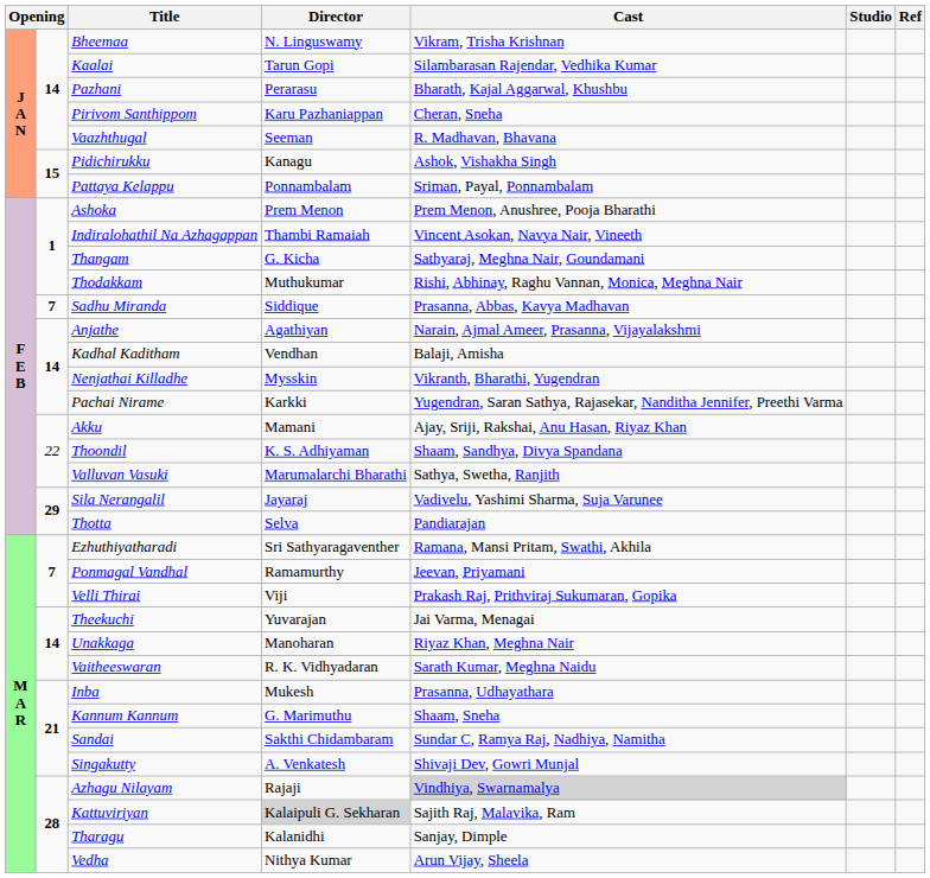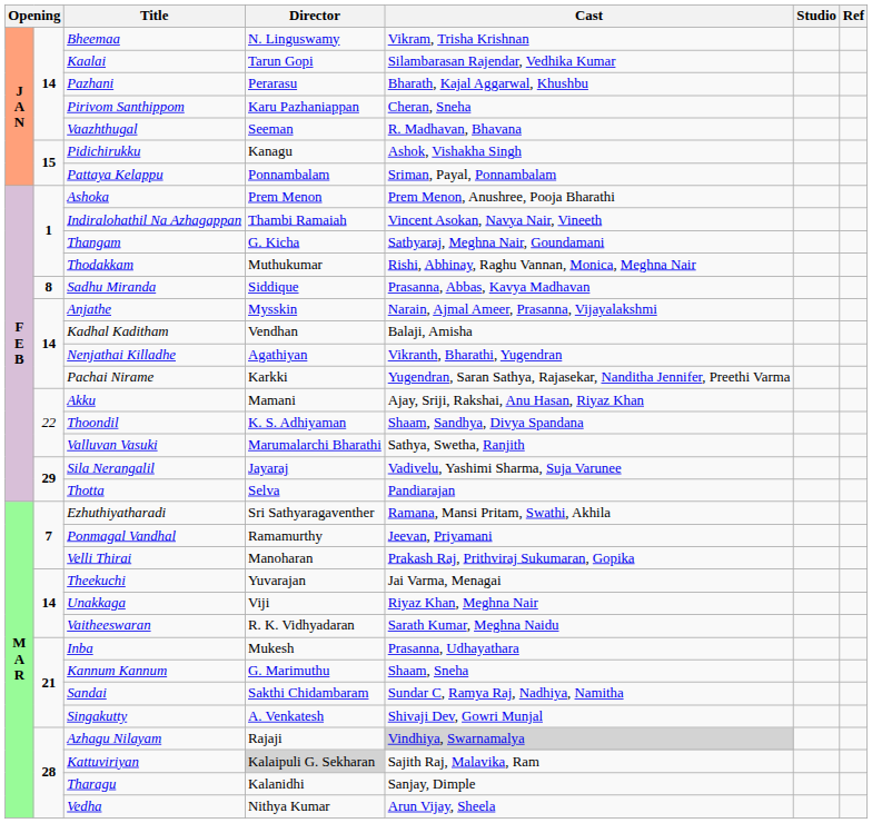 <table class="wikitable">
 <tr>
 <th colspan="2">Opening</th>
 <th>Title</th>
 <th>Director</th>
 <th>Cast</th>
 <th>Studio</th>
 <th>Ref</th>
 </tr>
 <tr January!>
 <td rowspan="7" valign="center" align="center" style="background:#FFA07A; textcolor:#000;"><strong>J<br>A<br>N</strong></td>
 <td rowspan="5" align="center"><strong>14</strong></td>
 <td><em><a href='#'>Bheemaa</a></em></td>
 <td><a href='#'>N. Linguswamy</a></td>
 <td><a href='#'>Vikram</a>, <a href='#'>Trisha Krishnan</a></td>
 <td></td>
 <td></td>
 </tr>
 <tr>
 <td><em><a href='#'>Kaalai</a></em></td>
 <td><a href='#'>Tarun Gopi</a></td>
 <td><a href='#'>Silambarasan Rajendar</a>, <a href='#'>Vedhika Kumar</a></td>
 <td></td>
 <td></td>
 </tr>
 <tr>
 <td><em><a href='#'>Pazhani</a></em></td>
 <td><a href='#'>Perarasu</a></td>
 <td><a href='#'>Bharath</a>, <a href='#'>Kajal Aggarwal</a>, <a href='#'>Khushbu</a></td>
 <td></td>
 <td></td>
 </tr>
 <tr>
 <td><em><a href='#'>Pirivom Santhippom</a></em></td>
 <td><a href='#'>Karu Pazhaniappan</a></td>
 <td><a href='#'>Cheran</a>, <a href='#'>Sneha</a></td>
 <td></td>
 <td></td>
 </tr>
 <tr>
 <td><em><a href='#'>Vaazhthugal</a></em></td>
 <td><a href='#'>Seeman</a></td>
 <td><a href='#'>R. Madhavan</a>, <a href='#'>Bhavana</a></td>
 <td></td>
 <td></td>
 </tr>
 <tr>
 <td rowspan="2" align="center"><strong>15</strong></td>
 <td><em><a href='#'>Pidichirukku</a></em></td>
 <td>Kanagu</td>
 <td><a href='#'>Ashok</a>, <a href='#'>Vishakha Singh</a></td>
 <td></td>
 <td></td>
 </tr>
 <tr>
 <td><em><a href='#'>Pattaya Kelappu</a></em></td>
 <td><a href='#'>Ponnambalam</a></td>
 <td><a href='#'>Sriman</a>, Payal, <a href='#'>Ponnambalam</a></td>
 <td></td>
 <td></td>
 </tr>
 <tr February!>
 <td rowspan="14" valign="center" align="center" style="background:#D8BFD8; textcolor:#000;"><strong>F<br>E<br>B</strong></td>
 <td rowspan="4" align="center"><strong>1</strong></td>
 <td><em><a href='#'>Ashoka</a></em></td>
 <td><a href='#'>Prem Menon</a></td>
 <td><a href='#'>Prem Menon</a>, Anushree, Pooja Bharathi</td>
 <td></td>
 <td></td>
 </tr>
 <tr>
 <td><em><a href='#'>Indiralohathil Na Azhagappan</a></em></td>
 <td><a href='#'>Thambi Ramaiah</a></td>
 <td><a href='#'>Vincent Asokan</a>, <a href='#'>Navya Nair</a>, <a href='#'>Vineeth</a></td>
 <td></td>
 <td></td>
 </tr>
 <tr>
 <td><em><a href='#'>Thangam</a></em></td>
 <td><a href='#'>G. Kicha</a></td>
 <td><a href='#'>Sathyaraj</a>, <a href='#'>Meghna Nair</a>, <a href='#'>Goundamani</a></td>
 <td></td>
 <td></td>
 </tr>
 <tr>
 <td><em><a href='#'>Thodakkam</a></em></td>
 <td>Muthukumar</td>
 <td><a href='#'>Rishi</a>, <a href='#'>Abhinay</a>, Raghu Vannan, <a href='#'>Monica</a>, <a href='#'>Meghna Nair</a></td>
 <td></td>
 <td></td>
 </tr>
 <tr>
-<td rowspan="1" align="center"><strong>7</strong></td>
+<td rowspan="1" align="center"><strong>8</strong></td>
 <td><em><a href='#'>Sadhu Miranda</a></em></td>
 <td><a href='#'>Siddique</a></td>
 <td><a href='#'>Prasanna</a>, <a href='#'>Abbas</a>, <a href='#'>Kavya Madhavan</a></td>
 <td></td>
 <td></td>
 </tr>
 <tr>
 <td rowspan="4" align="center"><strong>14</strong></td>
 <td><em><a href='#'>Anjathe</a></em></td>
-<td><a href='#'>Agathiyan</a></td>
+<td><a href='#'>Mysskin</a></td>
 <td><a href='#'>Narain</a>, <a href='#'>Ajmal Ameer</a>, <a href='#'>Prasanna</a>, <a href='#'>Vijayalakshmi</a></td>
 <td></td>
 <td></td>
 </tr>
 <tr>
 <td><em>Kadhal Kaditham</em></td>
 <td>Vendhan</td>
 <td>Balaji, Amisha</td>
 <td></td>
 <td></td>
 </tr>
 <tr>
 <td><em><a href='#'>Nenjathai Killadhe</a></em></td>
-<td><a href='#'>Mysskin</a></td>
+<td><a href='#'>Agathiyan</a></td>
 <td><a href='#'>Vikranth</a>, <a href='#'>Bharathi</a>, <a href='#'>Yugendran</a></td>
 <td></td>
 <td></td>
 </tr>
 <tr>
 <td><em>Pachai Nirame</em></td>
 <td>Karkki</td>
 <td><a href='#'>Yugendran</a>, Saran Sathya, Rajasekar, <a href='#'>Nanditha Jennifer</a>, Preethi Varma</td>
 <td></td>
 <td></td>
 </tr>
 <tr>
 <td rowspan="3" align="center"><em>22</em></td>
 <td><em><a href='#'>Akku</a></em></td>
 <td>Mamani</td>
 <td>Ajay, Sriji, Rakshai, <a href='#'>Anu Hasan</a>, <a href='#'>Riyaz Khan</a></td>
 <td></td>
 <td></td>
 </tr>
 <tr>
 <td><em><a href='#'>Thoondil</a></em></td>
 <td><a href='#'>K. S. Adhiyaman</a></td>
 <td><a href='#'>Shaam</a>, <a href='#'>Sandhya</a>, <a href='#'>Divya Spandana</a></td>
 <td></td>
 <td></td>
 </tr>
 <tr>
 <td><em><a href='#'>Valluvan Vasuki</a></em></td>
 <td><a href='#'>Marumalarchi Bharathi</a></td>
 <td>Sathya, Swetha, <a href='#'>Ranjith</a></td>
 <td></td>
 <td></td>
 </tr>
 <tr>
 <td rowspan="2" align="center"><strong>29</strong></td>
 <td><em><a href='#'>Sila Nerangalil</a></em></td>
 <td><a href='#'>Jayaraj</a></td>
 <td><a href='#'>Vadivelu</a>, Yashimi Sharma, <a href='#'>Suja Varunee</a></td>
 <td></td>
 <td></td>
 </tr>
 <tr>
 <td><em><a href='#'>Thotta</a></em></td>
 <td><a href='#'>Selva</a></td>
 <td><a href='#'>Pandiarajan</a></td>
 <td></td>
 <td></td>
 </tr>
 <tr March>
 <td rowspan="14" valign="center" align="center" style="background:#98FB98; textcolor:#000;"><strong>M<br>A<br>R</strong></td>
 <td rowspan="3" align="center"><strong>7</strong></td>
 <td><em>Ezhuthiyatharadi</em></td>
 <td>Sri Sathyaragaventher</td>
 <td><a href='#'>Ramana</a>, Mansi Pritam, <a href='#'>Swathi</a>, Akhila</td>
 <td></td>
 <td></td>
 </tr>
 <tr>
 <td><em><a href='#'>Ponmagal Vandhal</a></em></td>
 <td>Ramamurthy</td>
 <td><a href='#'>Jeevan</a>, <a href='#'>Priyamani</a></td>
 <td></td>
 <td></td>
 </tr>
 <tr>
 <td><em><a href='#'>Velli Thirai</a></em></td>
-<td>Viji</td>
+<td>Manoharan</td>
 <td><a href='#'>Prakash Raj</a>, <a href='#'>Prithviraj Sukumaran</a>, <a href='#'>Gopika</a></td>
 <td></td>
 <td></td>
 </tr>
 <tr>
 <td rowspan="3" align="center"><strong>14</strong></td>
 <td><em><a href='#'>Theekuchi</a></em></td>
 <td>Yuvarajan</td>
 <td>Jai Varma, Menagai</td>
 <td></td>
 <td></td>
 </tr>
 <tr>
 <td><em><a href='#'>Unakkaga</a></em></td>
-<td>Manoharan</td>
+<td>Viji</td>
 <td><a href='#'>Riyaz Khan</a>, <a href='#'>Meghna Nair</a></td>
 <td></td>
 <td></td>
 </tr>
 <tr>
 <td><em><a href='#'>Vaitheeswaran</a></em></td>
 <td>R. K. Vidhyadaran</td>
 <td><a href='#'>Sarath Kumar</a>, <a href='#'>Meghna Naidu</a></td>
 <td></td>
 <td></td>
 </tr>
 <tr>
 <td rowspan="4" align="center"><strong>21</strong></td>
 <td><em><a href='#'>Inba</a></em></td>
 <td>Mukesh</td>
 <td><a href='#'>Prasanna</a>, <a href='#'>Udhayathara</a></td>
 <td></td>
 <td></td>
 </tr>
 <tr>
 <td><em><a href='#'>Kannum Kannum</a></em></td>
 <td><a href='#'>G. Marimuthu</a></td>
 <td><a href='#'>Shaam</a>, <a href='#'>Sneha</a></td>
 <td></td>
 <td></td>
 </tr>
 <tr>
 <td><em><a href='#'>Sandai</a></em></td>
 <td><a href='#'>Sakthi Chidambaram</a></td>
 <td><a href='#'>Sundar C</a>, <a href='#'>Ramya Raj</a>, <a href='#'>Nadhiya</a>, <a href='#'>Namitha</a></td>
 <td></td>
 <td></td>
 </tr>
 <tr>
 <td><em><a href='#'>Singakutty</a></em></td>
 <td><a href='#'>A. Venkatesh</a></td>
 <td><a href='#'>Shivaji Dev</a>, <a href='#'>Gowri Munjal</a></td>
 <td></td>
 <td></td>
 </tr>
 <tr>
 <td rowspan="4" align="center"><strong>28</strong></td>
 <td><em><a href='#'>Azhagu Nilayam</a></em></td>
 <td>Rajaji</td>
 <td style="background: lightgrey;"><a href='#'>Vindhiya</a>, <a href='#'>Swarnamalya</a></td>
 <td></td>
 <td></td>
 </tr>
 <tr>
 <td><em><a href='#'>Kattuviriyan</a></em></td>
 <td style="background: lightgrey;">Kalaipuli G. Sekharan</td>
 <td>Sajith Raj, <a href='#'>Malavika</a>, Ram</td>
 <td></td>
 <td></td>
 </tr>
 <tr>
 <td><em><a href='#'>Tharagu</a></em></td>
 <td>Kalanidhi</td>
 <td>Sanjay, Dimple</td>
 <td></td>
 <td></td>
 </tr>
 <tr>
 <td><em><a href='#'>Vedha</a></em></td>
 <td>Nithya Kumar</td>
 <td><a href='#'>Arun Vijay</a>, <a href='#'>Sheela</a></td>
 <td></td>
 <td></td>
 </tr>
 </table>
